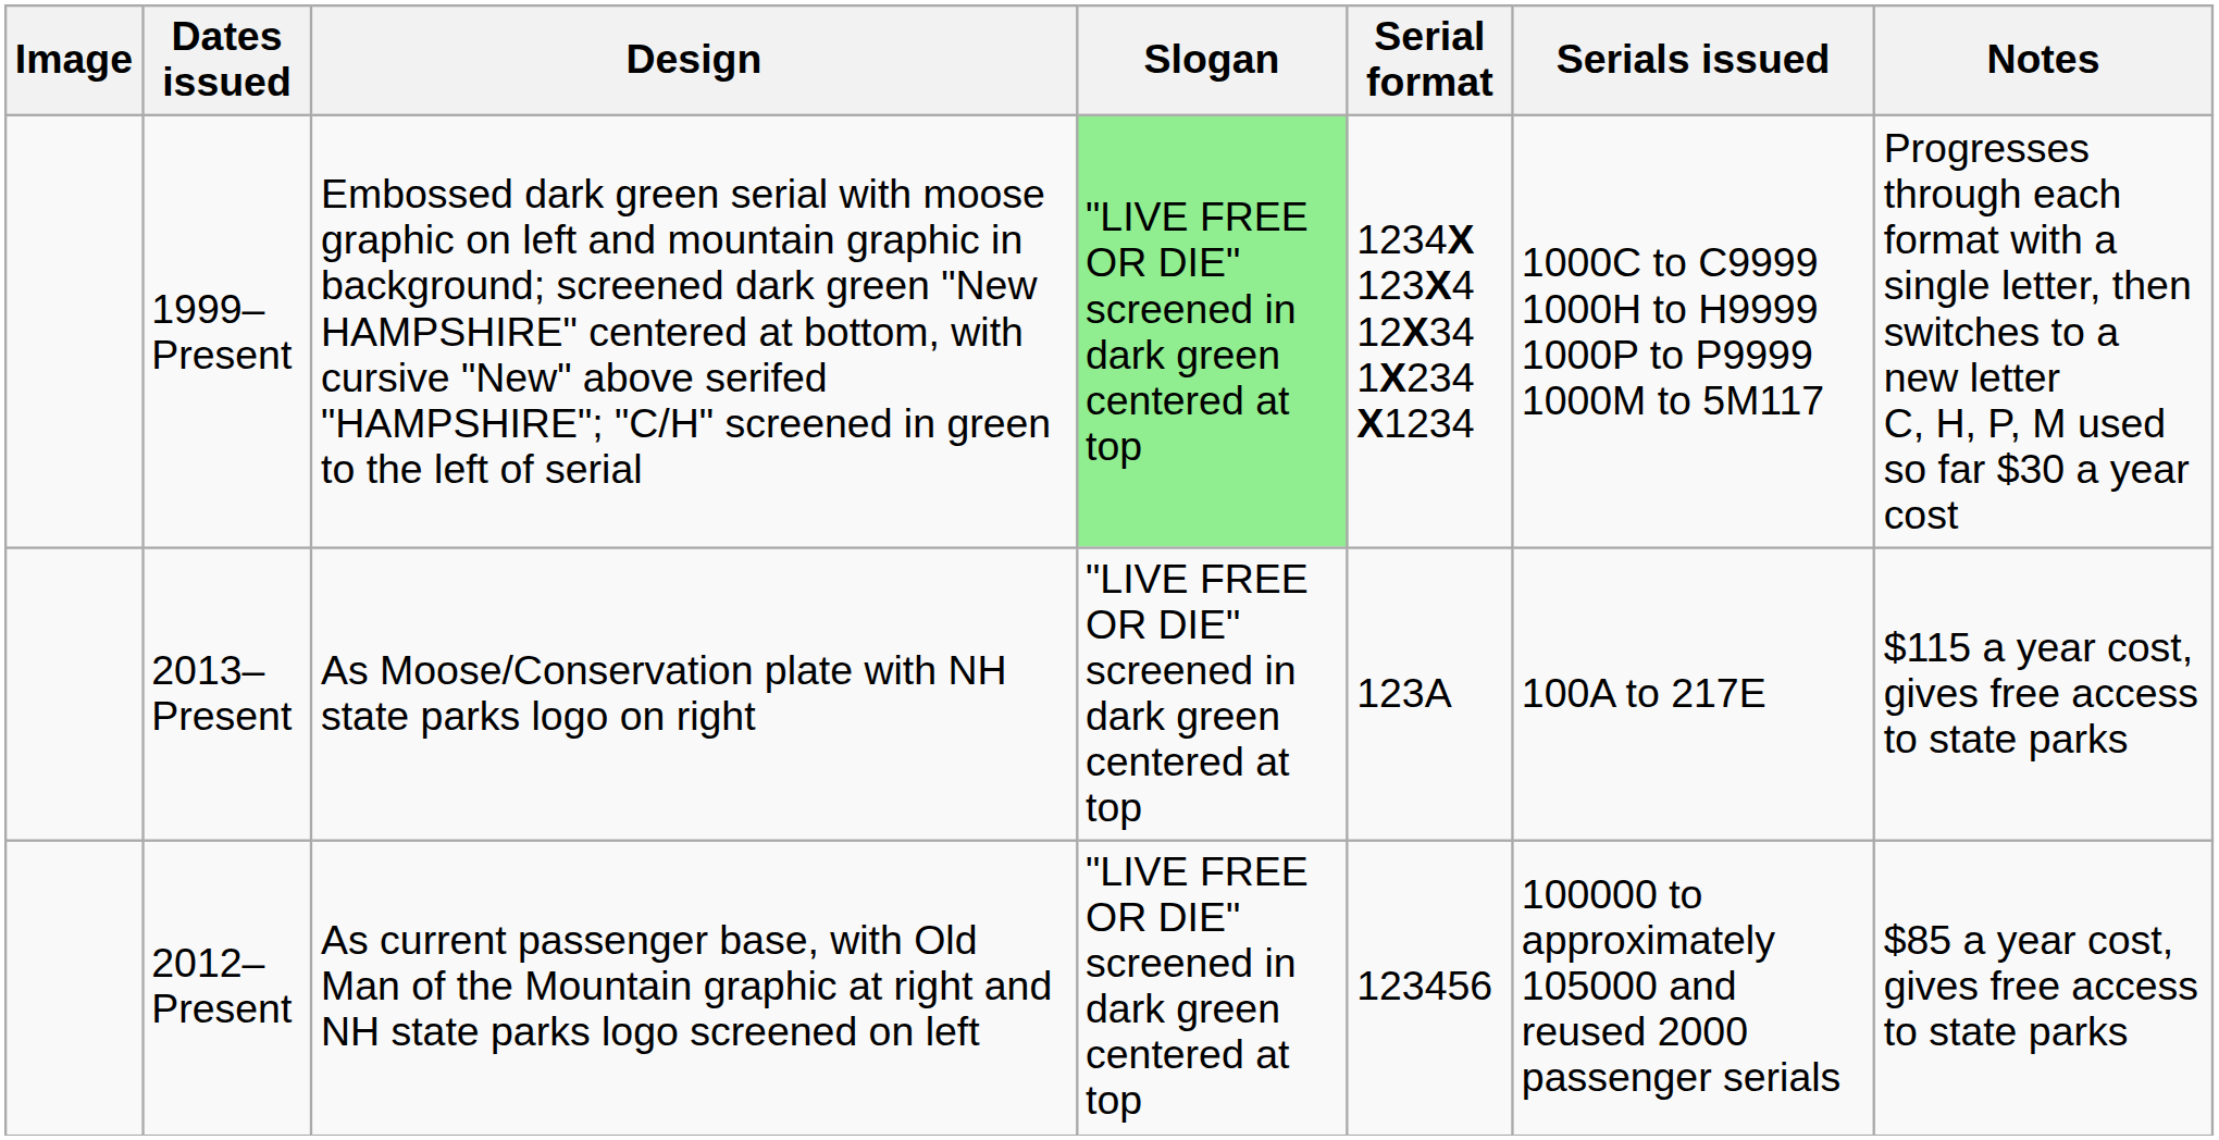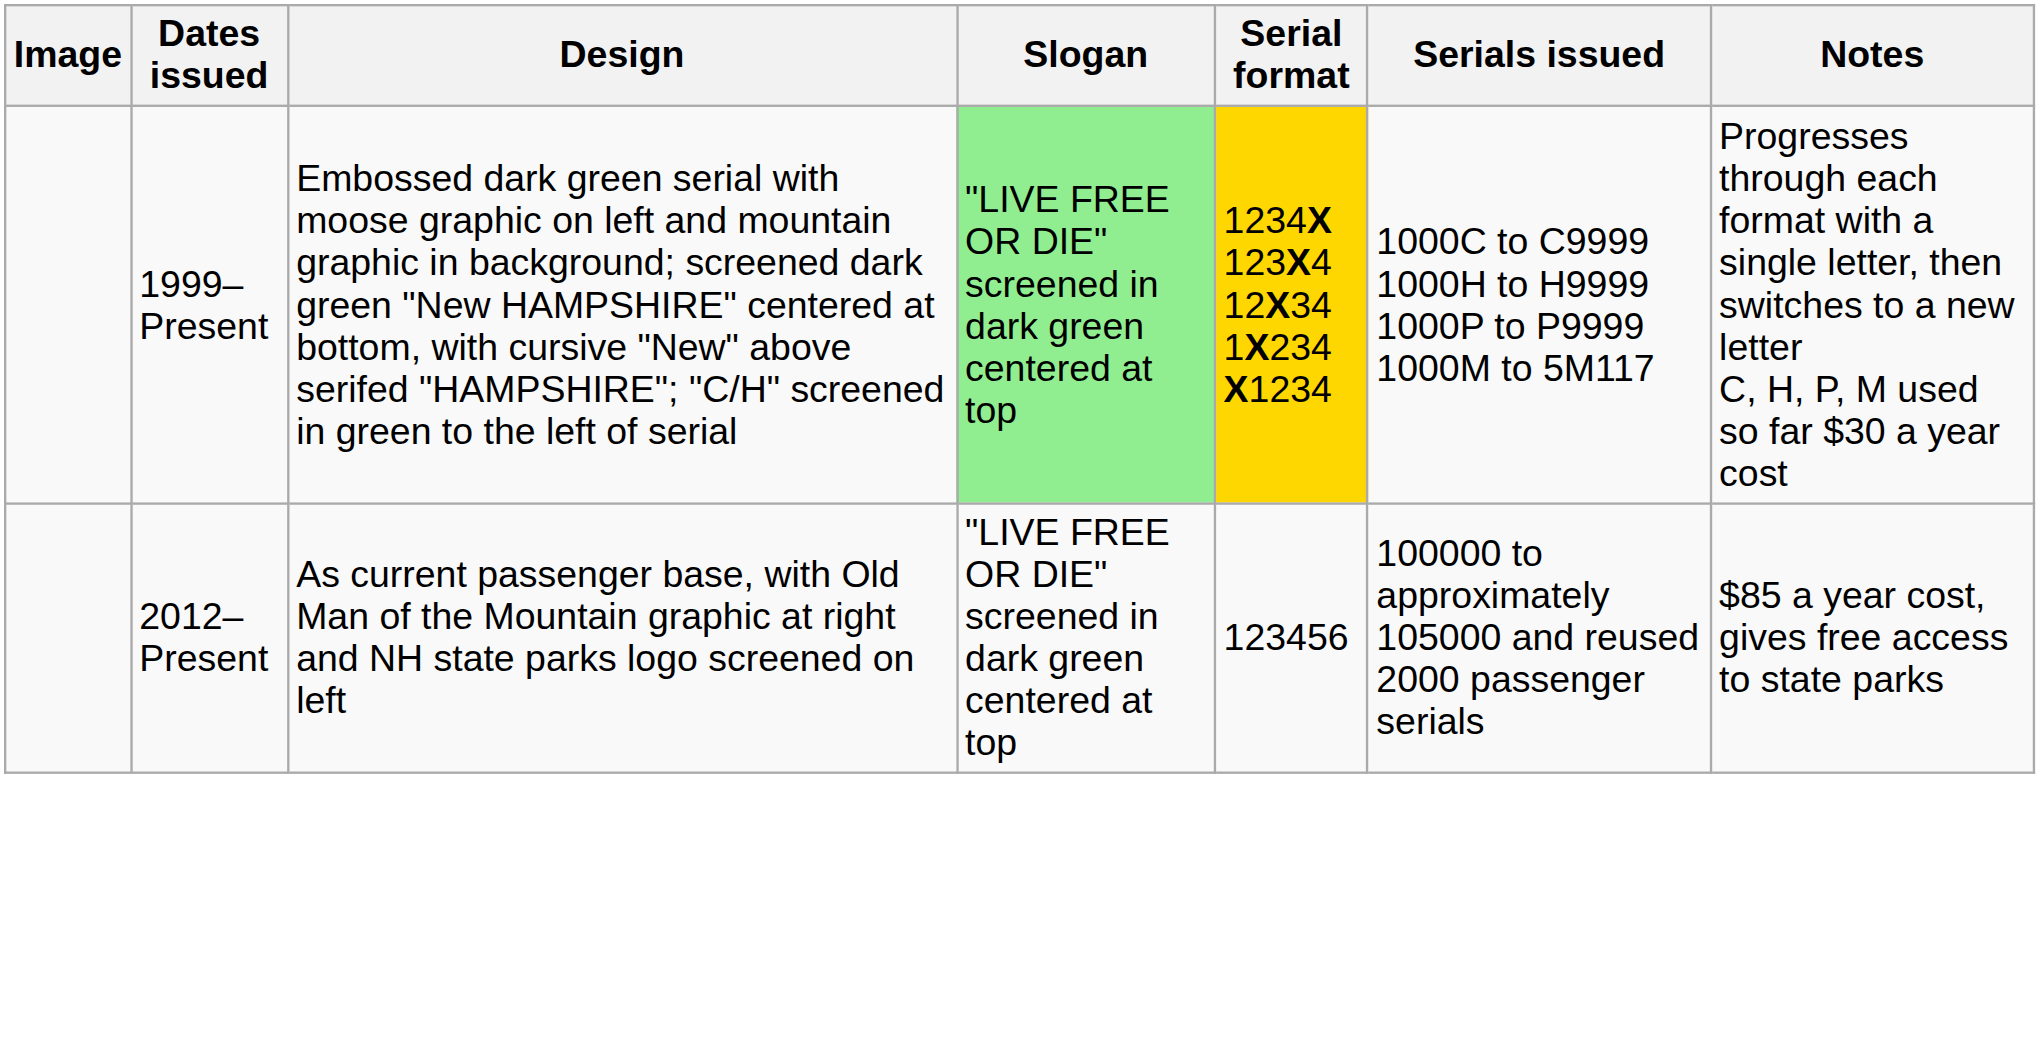 <table class="wikitable">
 <tr>
 <th>Image</th>
 <th>Dates issued</th>
 <th>Design</th>
 <th>Slogan</th>
 <th>Serial format</th>
 <th>Serials issued</th>
 <th>Notes</th>
 </tr>
 <tr>
 <td></td>
 <td>1999–Present</td>
 <td>Embossed dark green serial with moose graphic on left and mountain graphic in background; screened dark green "New HAMPSHIRE" centered at bottom, with cursive "New" above serifed "HAMPSHIRE"; "C/H" screened in green to the left of serial</td>
 <td style="background: lightgreen;">"LIVE FREE OR DIE" screened in dark green centered at top</td>
-<td>1234<strong>X</strong><br>123<strong>X</strong>4 12<strong>X</strong>34<br>1<strong>X</strong>234 <strong>X</strong>1234</td>
+<td style="background: gold;">1234<strong>X</strong><br>123<strong>X</strong>4 12<strong>X</strong>34<br>1<strong>X</strong>234 <strong>X</strong>1234</td>
 <td>1000C to  C9999<br>1000H to  H9999<br>1000P to  P9999<br>1000M to  5M117 </td>
 <td>Progresses through each format with a single letter, then switches to a new letter<br>C, H, P, M used so far $30 a year cost</td>
-</tr>
-<tr>
-<td></td>
-<td>2013–Present</td>
-<td>As Moose/Conservation plate with NH state parks logo on right</td>
-<td>"LIVE FREE OR DIE" screened in dark green centered at top</td>
-<td>123A</td>
-<td>100A to 217E </td>
-<td>$115 a year cost, gives free access to state parks</td>
 </tr>
 <tr>
 <td></td>
 <td>2012–Present</td>
 <td>As current passenger base, with Old Man of the Mountain graphic at right and NH state parks logo screened on left</td>
 <td>"LIVE FREE OR DIE" screened in dark green centered at top</td>
 <td>123456</td>
 <td>100000 to approximately 105000 and reused 2000 passenger serials</td>
 <td>$85 a year cost, gives free access to state parks</td>
 </tr>
 </table>
